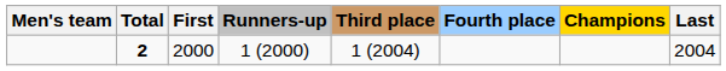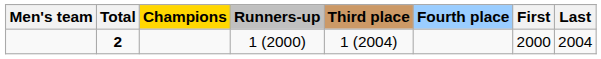 <table class="wikitable" style="text-align: center; font-size: 90%; margin-left: 1em;">
 <tr>
 <th>Men's team</th>
 <th>Total</th>
-<th>First</th>
+<th style="background-color: gold;">Champions</th>
 <th style="background-color: silver;">Runners-up</th>
 <th style="background-color: #cc9966;">Third place</th>
 <th style="background-color: #9acdff;">Fourth place</th>
-<th style="background-color: gold;">Champions</th>
+<th>First</th>
 <th>Last</th>
 </tr>
 <tr>
 <td style="text-align: left;"></td>
 <td><strong>2</strong></td>
-<td>2000</td>
+<td></td>
 <td>1 (2000)</td>
 <td>1 (2004)</td>
 <td></td>
-<td></td>
+<td>2000</td>
 <td>2004</td>
 </tr>
 </table>
